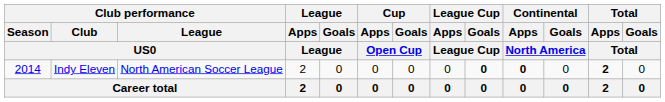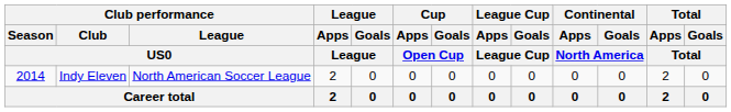 <table class="wikitable" style="text-align:center">
 <tr>
 <th colspan=3>Club performance</th>
 <th colspan=2>League</th>
 <th colspan=2>Cup</th>
 <th colspan=2>League Cup</th>
 <th colspan=2>Continental</th>
 <th colspan=2>Total</th>
 </tr>
 <tr>
 <th>Season</th>
 <th>Club</th>
 <th>League</th>
 <th>Apps</th>
 <th>Goals</th>
 <th>Apps</th>
 <th>Goals</th>
 <th>Apps</th>
 <th>Goals</th>
 <th>Apps</th>
 <th>Goals</th>
 <th>Apps</th>
 <th>Goals</th>
 </tr>
 <tr>
 <th colspan=3>US0</th>
 <th colspan=2>League</th>
 <th colspan=2><a href='#'>Open Cup</a></th>
 <th colspan=2>League Cup</th>
 <th colspan=2><a href='#'>North America</a></th>
 <th colspan=2>Total</th>
 </tr>
 <tr>
 <td><a href='#'>2014</a></td>
 <td><a href='#'>Indy Eleven</a></td>
 <td><a href='#'>North American Soccer League</a></td>
 <td>2</td>
 <td>0</td>
 <td>0</td>
 <td>0</td>
 <td>0</td>
-<td><strong>0</strong></td>
-<td><strong>0</strong></td>
 <td>0</td>
-<td><strong>2</strong></td>
+<td>0</td>
+<td>0</td>
+<td>2</td>
 <td>0</td>
 </tr>
 <tr>
 <th colspan=3>Career total</th>
 <th>2</th>
 <th>0</th>
 <th>0</th>
 <th>0</th>
 <th>0</th>
 <th>0</th>
 <th>0</th>
 <th>0</th>
 <th>2</th>
 <th>0</th>
 </tr>
 </table>
